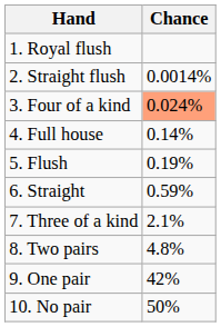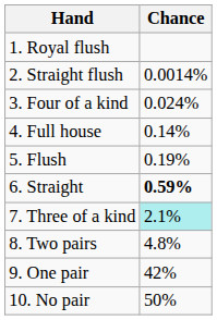 <table class = "wikitable floatright">
 <tr>
 <th>Hand</th>
 <th>Chance</th>
 </tr>
 <tr>
 <td>1. Royal flush</td>
 <td></td>
 </tr>
 <tr>
 <td>2. Straight flush</td>
 <td>0.0014%</td>
 </tr>
 <tr>
 <td>3. Four of a kind</td>
-<td style="background: lightsalmon;">0.024%</td>
+<td>0.024%</td>
 </tr>
 <tr>
 <td>4. Full house</td>
 <td>0.14%</td>
 </tr>
 <tr>
 <td>5. Flush</td>
 <td>0.19%</td>
 </tr>
 <tr>
 <td>6. Straight</td>
-<td>0.59%</td>
+<td><strong>0.59%</strong></td>
 </tr>
 <tr>
 <td>7. Three of a kind</td>
-<td>2.1%</td>
+<td style="background: paleturquoise;">2.1%</td>
 </tr>
 <tr>
 <td>8. Two pairs</td>
 <td>4.8%</td>
 </tr>
 <tr>
 <td>9. One pair</td>
 <td>42%</td>
 </tr>
 <tr>
 <td>10. No pair</td>
 <td>50%</td>
 </tr>
 </table>
